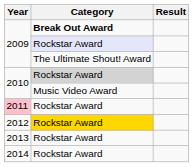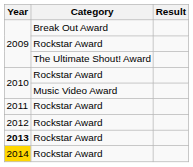 <table class="wikitable">
 <tr>
 <th>Year</th>
 <th>Category</th>
 <th>Result</th>
 </tr>
 <tr>
 <td rowspan="3">2009</td>
-<td><strong>Break Out Award</strong></td>
+<td>Break Out Award</td>
 <td></td>
 </tr>
 <tr>
-<td style="background: lavender;">Rockstar Award</td>
+<td>Rockstar Award</td>
 <td></td>
 </tr>
 <tr>
 <td>The Ultimate Shout! Award</td>
 <td></td>
 </tr>
 <tr>
 <td rowspan="2">2010</td>
-<td style="background: lightgrey;">Rockstar Award</td>
+<td>Rockstar Award</td>
 <td></td>
 </tr>
 <tr>
 <td>Music Video Award</td>
 <td></td>
 </tr>
 <tr>
-<td style="background: pink;">2011</td>
+<td>2011</td>
 <td>Rockstar Award</td>
 <td></td>
 </tr>
 <tr>
 <td>2012</td>
-<td style="background: gold;">Rockstar Award</td>
-<td></td>
-</tr>
-<tr>
-<td>2013</td>
 <td>Rockstar Award</td>
 <td></td>
 </tr>
 <tr>
-<td>2014</td>
+<td><strong>2013</strong></td>
+<td>Rockstar Award</td>
+<td></td>
+</tr>
+<tr>
+<td style="background: gold;">2014</td>
 <td>Rockstar Award</td>
 <td></td>
 </tr>
 </table>
